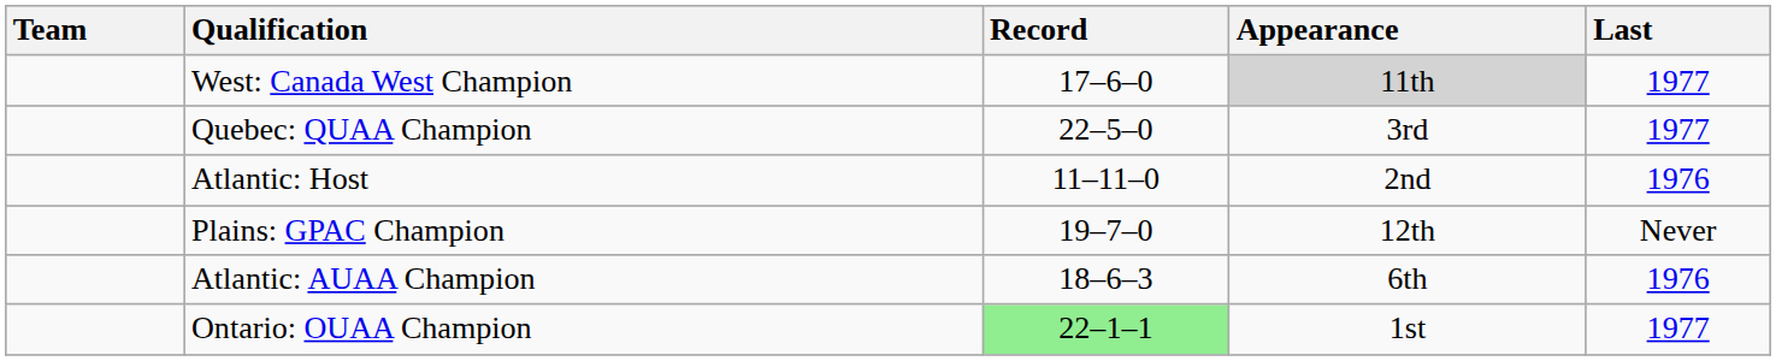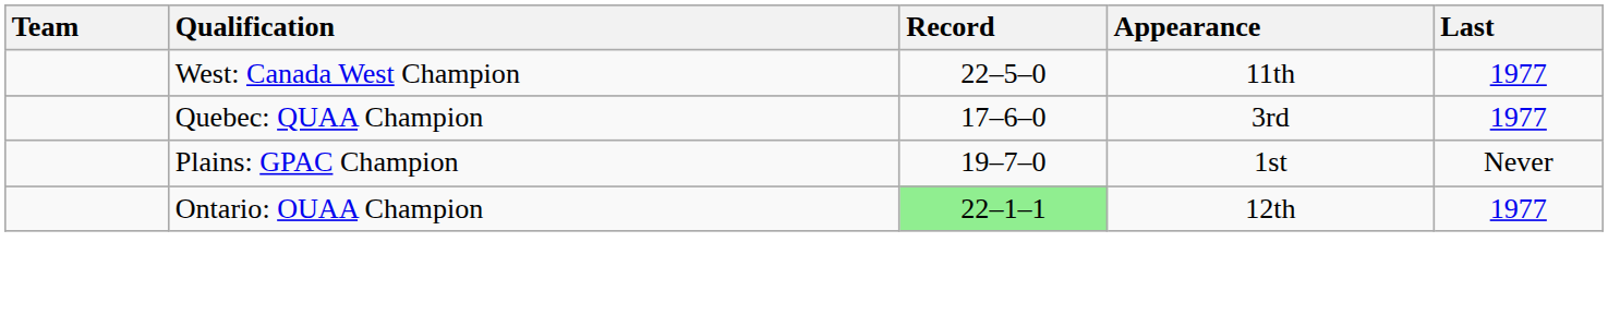 <table class="wikitable sortable" style="text-align: center;" width=900>
 <tr style="background:#efefef; text-align:center">
 <th style="text-align:left">Team</th>
 <th style="text-align:left">Qualification</th>
 <th style="text-align:left">Record</th>
 <th style="text-align:left">Appearance</th>
 <th style="text-align:left">Last</th>
 </tr>
 <tr style="text-align:center">
 <td style="text-align:left; "><a href='#'></a></td>
 <td style="text-align:left">West: <a href='#'>Canada West</a> Champion</td>
-<td style="text-align:center">17–6–0</td>
-<td style="background: lightgrey; text-align:center">11th</td>
+<td style="text-align:center">22–5–0</td>
+<td style="text-align:center">11th</td>
 <td style="text-align:center"><a href='#'>1977</a></td>
 </tr>
 <tr style="text-align:center">
 <td style="text-align:left; "><a href='#'></a></td>
 <td style="text-align:left">Quebec: <a href='#'>QUAA</a> Champion</td>
-<td style="text-align:center">22–5–0</td>
+<td style="text-align:center">17–6–0</td>
 <td style="text-align:center">3rd</td>
 <td style="text-align:center"><a href='#'>1977</a></td>
 </tr>
 <tr style="text-align:center">
 <td style="text-align:left; "><a href='#'></a></td>
-<td style="text-align:left">Atlantic: Host</td>
-<td style="text-align:center">11–11–0</td>
-<td style="text-align:center">2nd</td>
-<td style="text-align:center"><a href='#'>1976</a></td>
-</tr>
-<tr style="text-align:center">
-<td style="text-align:left; "><a href='#'></a></td>
 <td style="text-align:left">Plains: <a href='#'>GPAC</a> Champion</td>
 <td style="text-align:center">19–7–0</td>
-<td style="text-align:center">12th</td>
+<td style="text-align:center">1st</td>
 <td style="text-align:center">Never</td>
-</tr>
-<tr style="text-align:center">
-<td style="text-align:left; "><a href='#'></a></td>
-<td style="text-align:left">Atlantic: <a href='#'>AUAA</a> Champion</td>
-<td style="text-align:center">18–6–3</td>
-<td style="text-align:center">6th</td>
-<td style="text-align:center"><a href='#'>1976</a></td>
 </tr>
 <tr style="text-align:center">
 <td style="text-align:left; "><a href='#'></a></td>
 <td style="text-align:left">Ontario: <a href='#'>OUAA</a> Champion</td>
 <td style="background: lightgreen; text-align:center">22–1–1</td>
-<td style="text-align:center">1st</td>
+<td style="text-align:center">12th</td>
 <td style="text-align:center"><a href='#'>1977</a></td>
 </tr>
 </table>
